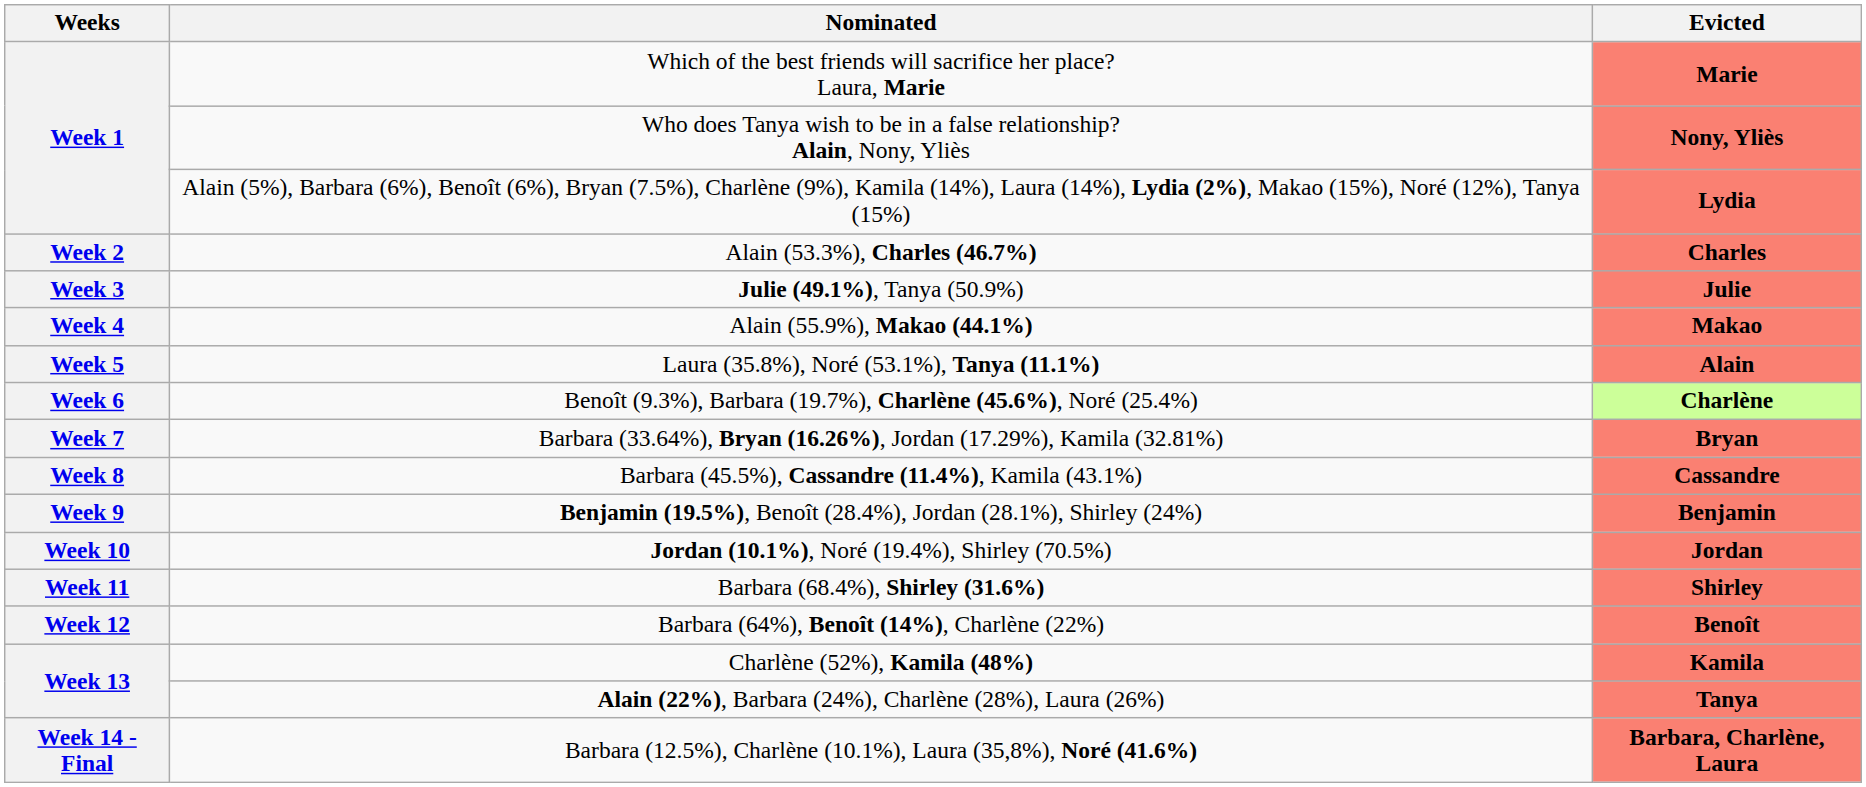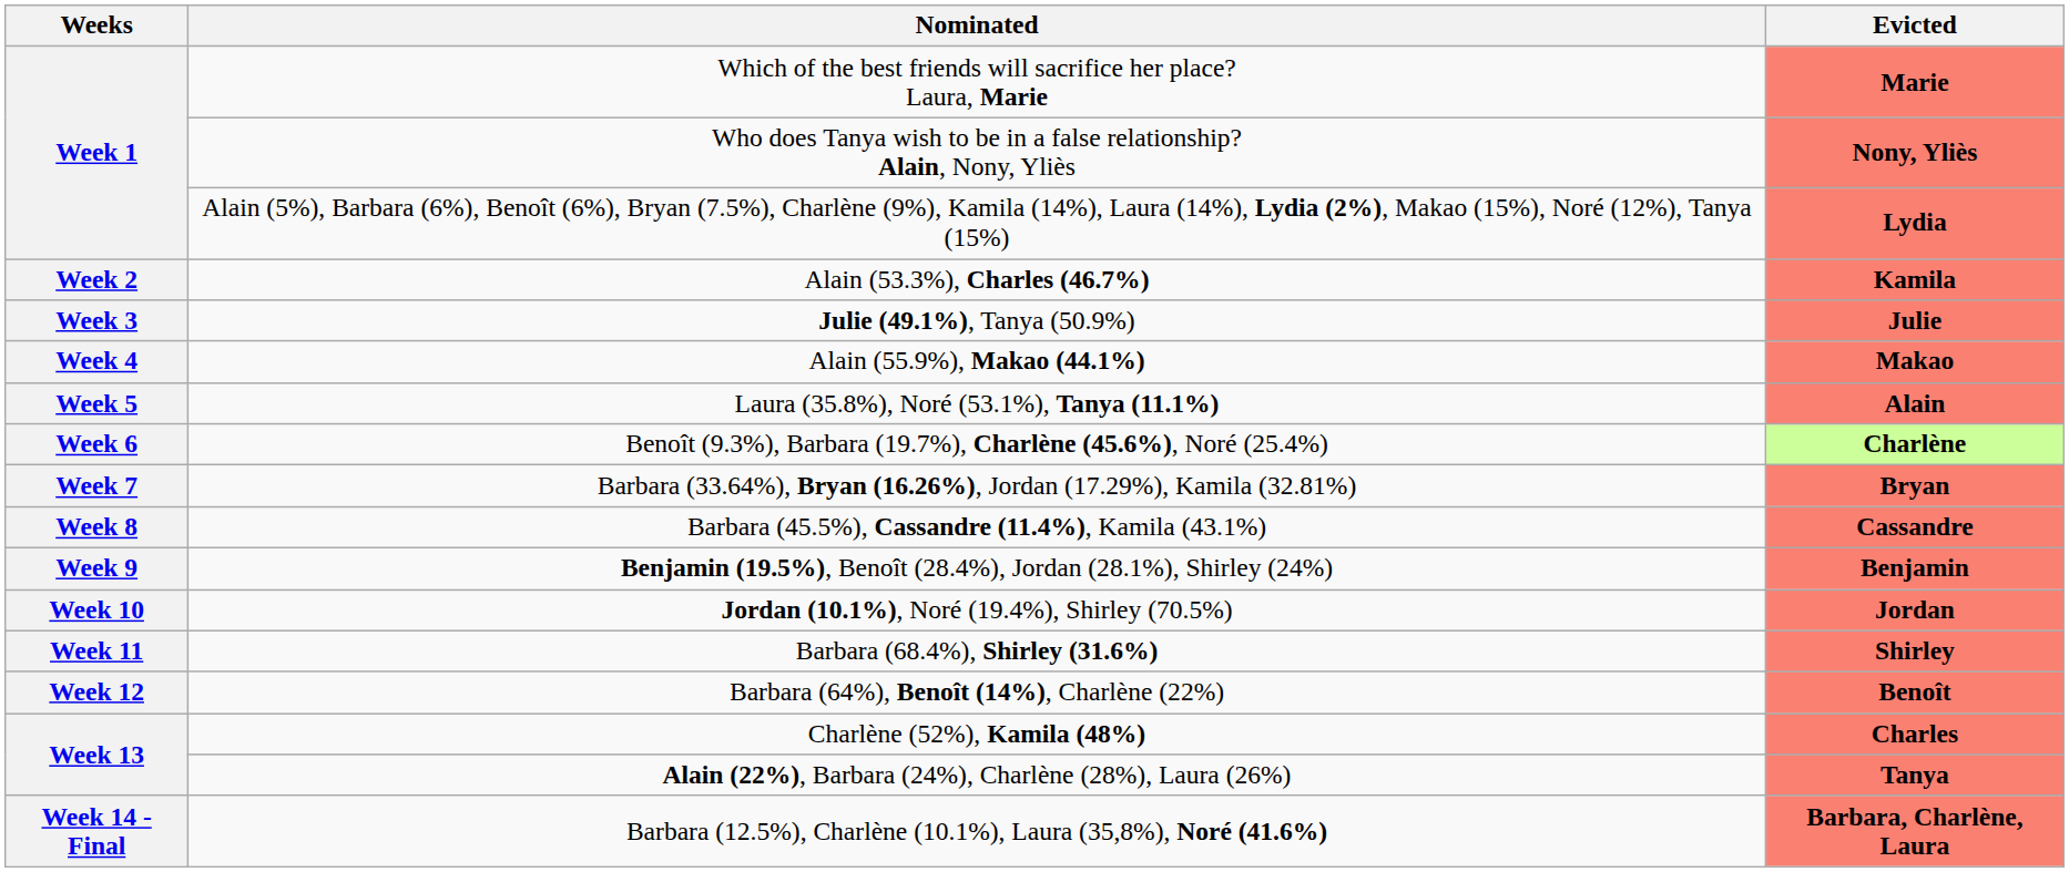 <table class="wikitable" style="font-size:100%; text-align:center; margin-left: auto; margin-right: auto">
 <tr>
 <th>Weeks</th>
 <th>Nominated</th>
 <th>Evicted</th>
 </tr>
 <tr>
 <th rowspan="3"><a href='#'>Week 1</a></th>
 <td>Which of the best friends will sacrifice her place?<br>Laura, <strong>Marie</strong></td>
 <td style="background:#fa8072"><strong>Marie</strong></td>
 </tr>
 <tr>
 <td>Who does Tanya wish to be in a false relationship?<br><strong>Alain</strong>, Nony, Yliès</td>
 <td style="background:#fa8072"><strong>Nony, Yliès</strong></td>
 </tr>
 <tr>
 <td>Alain (5%), Barbara (6%), Benoît (6%), Bryan (7.5%), Charlène (9%), Kamila (14%), Laura (14%), <strong>Lydia (2%)</strong>, Makao (15%), Noré (12%), Tanya (15%)</td>
 <td style="background:#fa8072"><strong>Lydia</strong></td>
 </tr>
 <tr>
 <th><a href='#'>Week 2</a></th>
 <td>Alain (53.3%), <strong>Charles (46.7%)</strong></td>
-<td style="background:#fa8072"><strong>Charles</strong></td>
+<td style="background:#fa8072"><strong>Kamila</strong></td>
 </tr>
 <tr>
 <th><a href='#'>Week 3</a></th>
 <td><strong>Julie (49.1%)</strong>, Tanya (50.9%)</td>
 <td style="background:#fa8072"><strong>Julie</strong></td>
 </tr>
 <tr>
 <th><a href='#'>Week 4</a></th>
 <td>Alain (55.9%), <strong>Makao (44.1%)</strong></td>
 <td style="background:#fa8072"><strong>Makao</strong></td>
 </tr>
 <tr>
 <th><a href='#'>Week 5</a></th>
 <td>Laura (35.8%), Noré (53.1%), <strong>Tanya (11.1%)</strong></td>
 <td style="background:#fa8072"><strong>Alain</strong></td>
 </tr>
 <tr>
 <th><a href='#'>Week 6</a></th>
 <td>Benoît (9.3%), Barbara (19.7%), <strong>Charlène (45.6%)</strong>, Noré (25.4%)</td>
 <td style="background:#CCFF99"><strong>Charlène</strong></td>
 </tr>
 <tr>
 <th><a href='#'>Week 7</a></th>
 <td>Barbara (33.64%), <strong>Bryan (16.26%)</strong>, Jordan (17.29%), Kamila (32.81%)</td>
 <td style="background:#fa8072"><strong>Bryan</strong></td>
 </tr>
 <tr>
 <th><a href='#'>Week 8</a></th>
 <td>Barbara (45.5%), <strong>Cassandre (11.4%)</strong>, Kamila (43.1%)</td>
 <td style="background:#fa8072"><strong>Cassandre</strong></td>
 </tr>
 <tr>
 <th><a href='#'>Week 9</a></th>
 <td><strong>Benjamin (19.5%)</strong>, Benoît (28.4%), Jordan (28.1%), Shirley (24%)</td>
 <td style="background:#fa8072"><strong>Benjamin</strong></td>
 </tr>
 <tr>
 <th><a href='#'>Week 10</a></th>
 <td><strong>Jordan (10.1%)</strong>, Noré (19.4%), Shirley (70.5%)</td>
 <td style="background:#fa8072"><strong>Jordan</strong></td>
 </tr>
 <tr>
 <th><a href='#'>Week 11</a></th>
 <td>Barbara (68.4%), <strong>Shirley (31.6%)</strong></td>
 <td style="background:#fa8072"><strong>Shirley</strong></td>
 </tr>
 <tr>
 <th><a href='#'>Week 12</a></th>
 <td>Barbara (64%), <strong>Benoît (14%)</strong>, Charlène (22%)</td>
 <td style="background:#fa8072"><strong>Benoît</strong></td>
 </tr>
 <tr>
 <th scope="col" rowspan="2"><a href='#'>Week 13</a></th>
 <td>Charlène (52%), <strong>Kamila (48%)</strong></td>
-<td style="background:#fa8072"><strong>Kamila</strong></td>
+<td style="background:#fa8072"><strong>Charles</strong></td>
 </tr>
 <tr>
 <td><strong>Alain (22%)</strong>, Barbara (24%), Charlène (28%), Laura (26%)</td>
 <td style="background:#fa8072"><strong>Tanya</strong></td>
 </tr>
 <tr>
 <th scope="col" rowspan="4"><a href='#'>Week 14 - Final</a></th>
 <td scope="col" rowspan="4">Barbara (12.5%), Charlène (10.1%), Laura (35,8%), <strong>Noré (41.6%)</strong></td>
 <td style="background:#fa8072"><strong>Barbara, Charlène, Laura </strong></td>
 </tr>
 </table>
